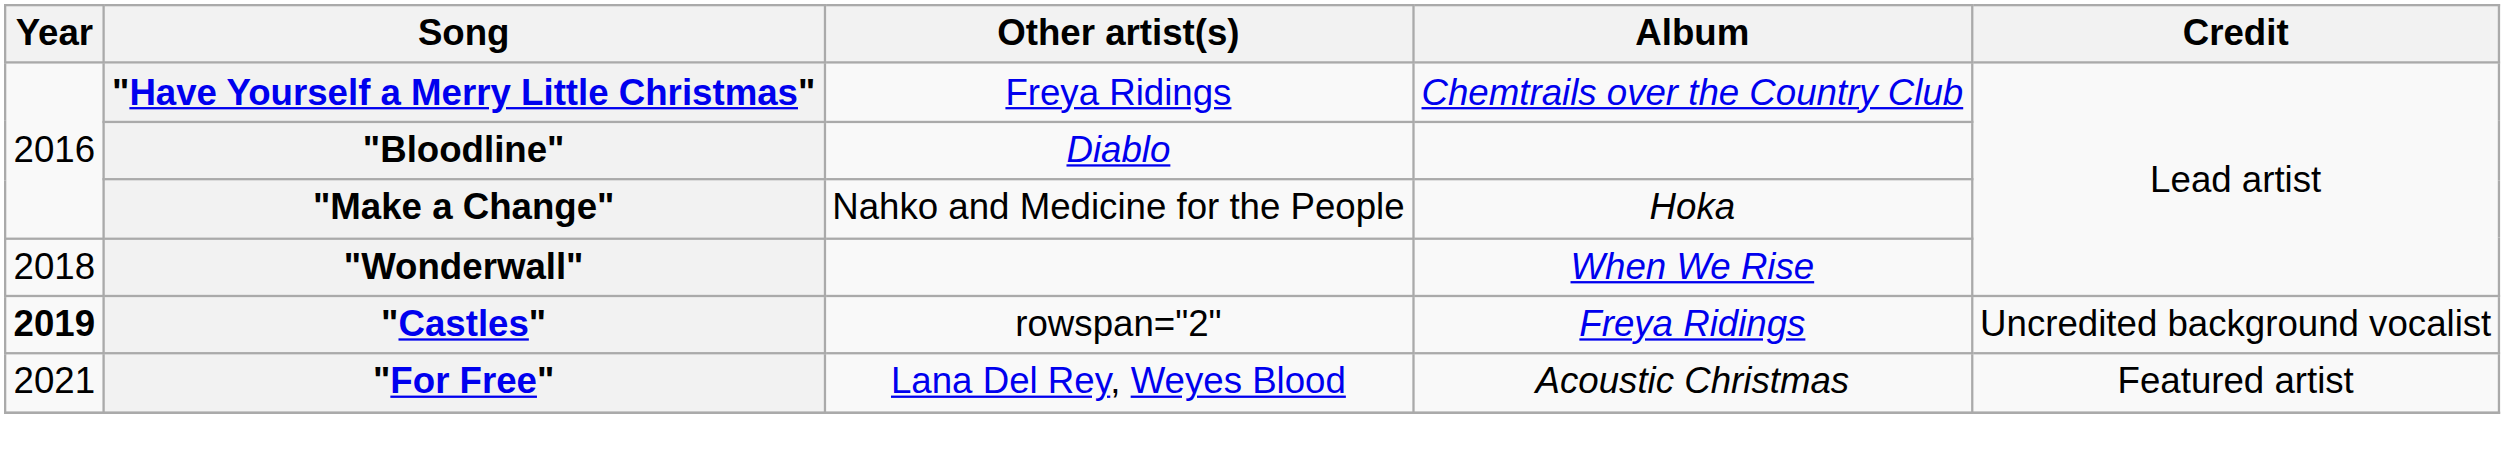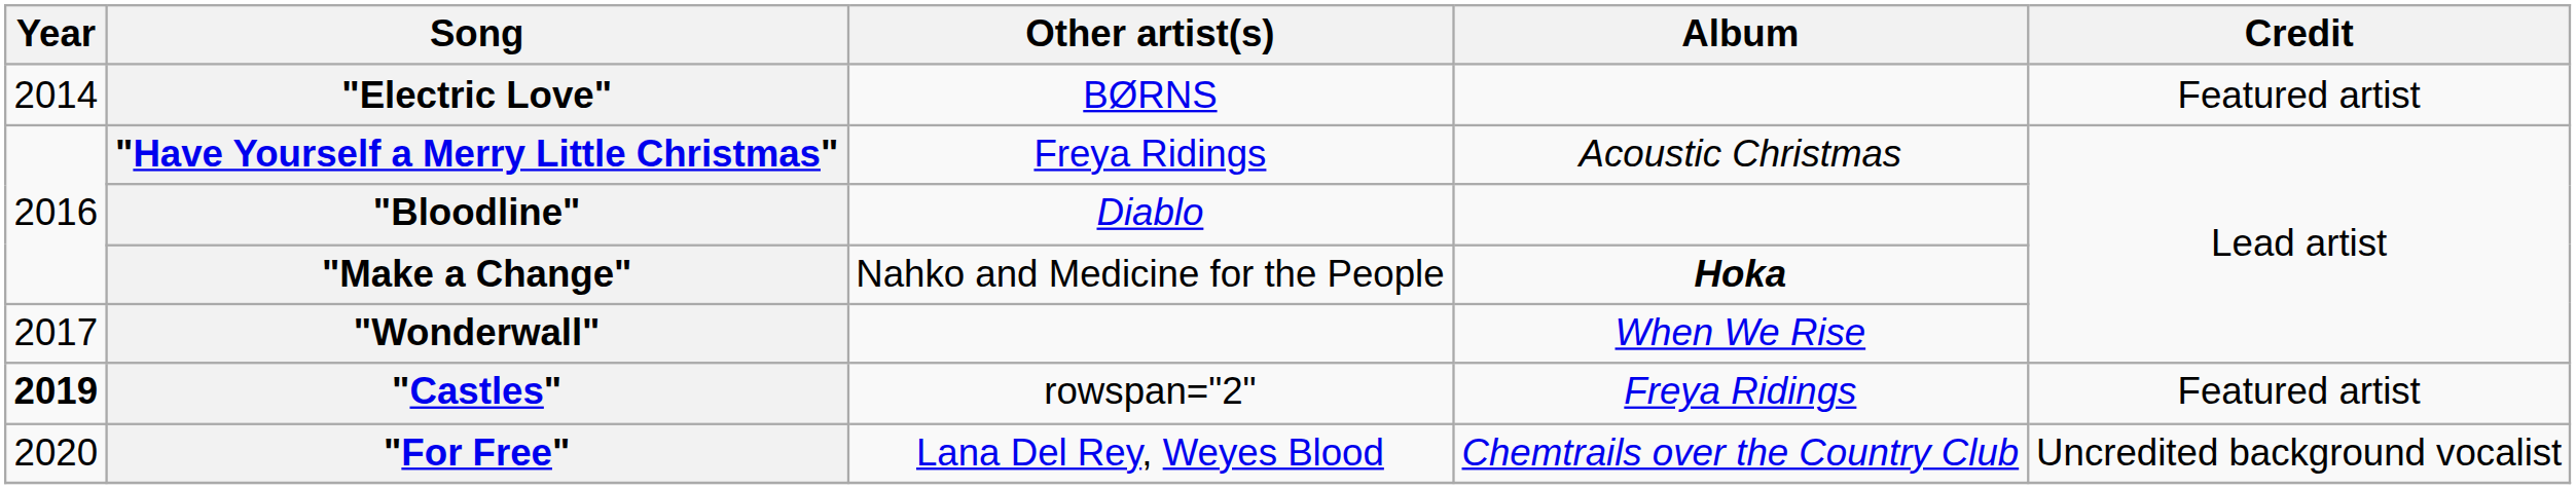 <table class="wikitable plainrowheaders" style=text-align:center;>
 <tr>
 <th>Year</th>
 <th>Song</th>
 <th>Other artist(s)</th>
 <th>Album</th>
 <th>Credit</th>
 </tr>
 <tr>
+<td>2014</td>
+<th scope="row">"Electric Love"</th>
+<td><a href='#'>BØRNS</a></td>
+<td></td>
+<td>Featured artist</td>
+</tr>
+<tr>
 <td rowspan="3">2016</td>
 <th scope="row">"<a href='#'>Have Yourself a Merry Little Christmas</a>"</th>
 <td><a href='#'>Freya Ridings</a></td>
-<td><em><a href='#'>Chemtrails over the Country Club</a></em></td>
+<td><em>Acoustic Christmas</em></td>
 <td rowspan="4">Lead artist</td>
 </tr>
 <tr>
 <th scope="row">"Bloodline"</th>
 <td><em><a href='#'>Diablo</a></em></td>
 </tr>
 <tr>
 <th scope="row">"Make a Change"</th>
 <td>Nahko and Medicine for the People</td>
-<td><em>Hoka</em></td>
+<td><strong><em>Hoka</em></strong></td>
 </tr>
 <tr>
-<td>2018</td>
+<td>2017</td>
 <th scope="row">"Wonderwall"</th>
 <td></td>
 <td><em><a href='#'>When We Rise</a></em></td>
 </tr>
 <tr>
 <td><strong>2019</strong></td>
 <th scope="row">"<a href='#'>Castles</a>"</th>
 <td>rowspan="2" </td>
 <td><em><a href='#'>Freya Ridings</a></em></td>
-<td>Uncredited background vocalist</td>
+<td>Featured artist</td>
 </tr>
 <tr>
-<td>2021</td>
+<td>2020</td>
 <th scope="row">"<a href='#'>For Free</a>"</th>
 <td><a href='#'>Lana Del Rey</a>, <a href='#'>Weyes Blood</a></td>
-<td><em>Acoustic Christmas</em></td>
-<td>Featured artist</td>
+<td><em><a href='#'>Chemtrails over the Country Club</a></em></td>
+<td>Uncredited background vocalist</td>
 </tr>
 <tr>
 </tr>
 </table>
